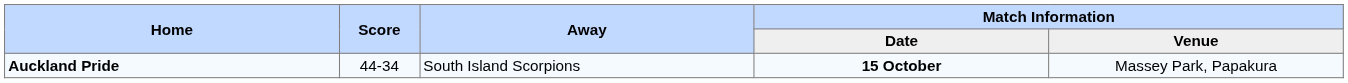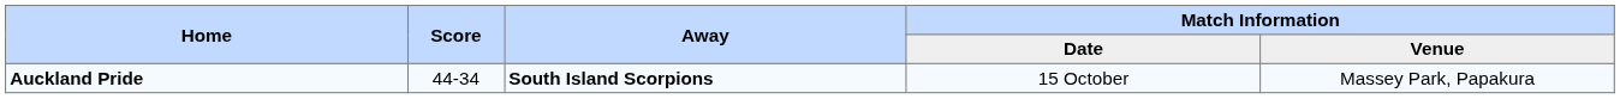 <table border=1 style="border-collapse:collapse; font-size:90%; text-align:center;" cellpadding=3 cellspacing=0 width=100%>
 <tr bgcolor=#C1D8FF>
 <th rowspan=2 width=25%>Home</th>
 <th rowspan=2 width=6%>Score</th>
 <th rowspan=2 width=25%>Away</th>
 <th colspan=6>Match Information</th>
 </tr>
 <tr bgcolor=#EFEFEF>
 <th width=22%>Date</th>
 <th width=22%>Venue</th>
 </tr>
 <tr bgcolor=#F5FAFF>
 <td align=left><strong>Auckland Pride</strong></td>
 <td>44-34</td>
-<td align=left>South Island Scorpions</td>
-<td><strong>15 October</strong></td>
+<td align=left><strong>South Island Scorpions</strong></td>
+<td>15 October</td>
 <td>Massey Park, Papakura</td>
 </tr>
 </table>
